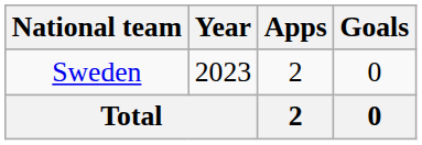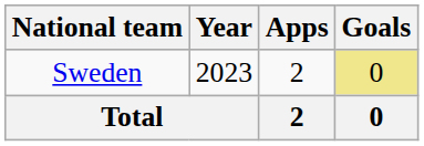 <table class="wikitable" style="text-align:center">
 <tr>
 <th>National team</th>
 <th>Year</th>
 <th>Apps</th>
 <th>Goals</th>
 </tr>
 <tr>
 <td><a href='#'>Sweden</a></td>
 <td>2023</td>
 <td>2</td>
-<td>0</td>
+<td style="background: khaki;">0</td>
 </tr>
 <tr>
 <th colspan="2">Total</th>
 <th>2</th>
 <th>0</th>
 </tr>
 </table>
